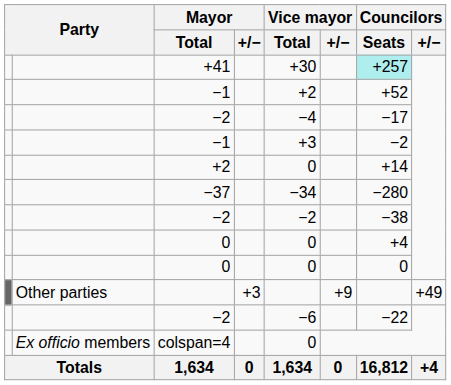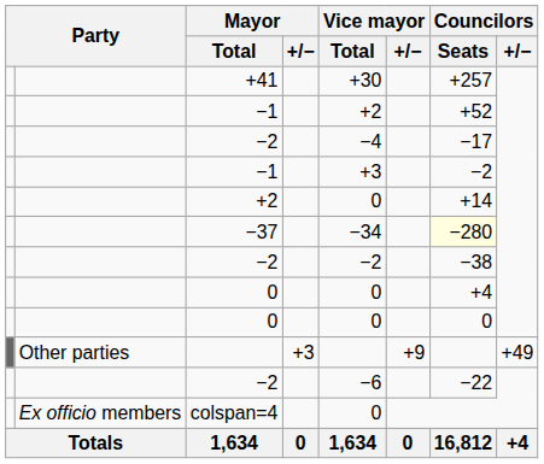 <table class="wikitable" style="text-align:right; font-size:90%;">
 <tr>
 <th colspan="2" rowspan="2">Party</th>
 <th colspan="2">Mayor</th>
 <th colspan="2">Vice mayor</th>
 <th colspan="2">Councilors</th>
 </tr>
 <tr>
 <th>Total</th>
 <th>+/−</th>
 <th>Total</th>
 <th>+/−</th>
 <th>Seats</th>
 <th>+/−</th>
 </tr>
 <tr>
 <td></td>
 <td></td>
 <td>+41</td>
 <td></td>
 <td>+30</td>
 <td></td>
-<td style="background: paleturquoise;">+257</td>
+<td>+257</td>
 </tr>
 <tr>
 <td></td>
 <td></td>
 <td>−1</td>
 <td></td>
 <td>+2</td>
 <td></td>
 <td>+52</td>
 </tr>
 <tr>
 <td></td>
 <td></td>
 <td>−2</td>
 <td></td>
 <td>−4</td>
 <td></td>
 <td>−17</td>
 </tr>
 <tr>
 <td></td>
 <td></td>
 <td>−1</td>
 <td></td>
 <td>+3</td>
 <td></td>
 <td>−2</td>
 </tr>
 <tr>
 <td></td>
 <td></td>
 <td>+2</td>
 <td></td>
 <td>0</td>
 <td></td>
 <td>+14</td>
 </tr>
 <tr>
 <td></td>
 <td></td>
 <td>−37</td>
 <td></td>
 <td>−34</td>
 <td></td>
-<td>−280</td>
+<td style="background: lightyellow;">−280</td>
 </tr>
 <tr>
 <td></td>
 <td></td>
 <td>−2</td>
 <td></td>
 <td>−2</td>
 <td></td>
 <td>−38</td>
 </tr>
 <tr>
 <td></td>
 <td></td>
 <td>0</td>
 <td></td>
 <td>0</td>
 <td></td>
 <td>+4</td>
 </tr>
 <tr>
 <td></td>
 <td></td>
 <td>0</td>
 <td></td>
 <td>0</td>
 <td></td>
 <td>0</td>
 </tr>
 <tr>
 <td style="color:inherit;background:#666666"></td>
 <td align="left">Other parties</td>
 <td></td>
 <td>+3</td>
 <td></td>
 <td>+9</td>
 <td></td>
 <td>+49</td>
 </tr>
 <tr>
 <td></td>
 <td></td>
 <td>−2</td>
 <td></td>
 <td>−6</td>
 <td></td>
 <td>−22</td>
 </tr>
 <tr>
 <td></td>
 <td align="left"><em>Ex officio</em> members</td>
 <td>colspan=4 </td>
 <td></td>
 <td>0</td>
 </tr>
 <tr>
 <th colspan="2">Totals</th>
 <th>1,634</th>
 <th>0</th>
 <th>1,634</th>
 <th>0</th>
 <th>16,812</th>
 <th>+4</th>
 </tr>
 </table>
